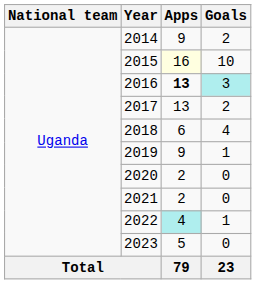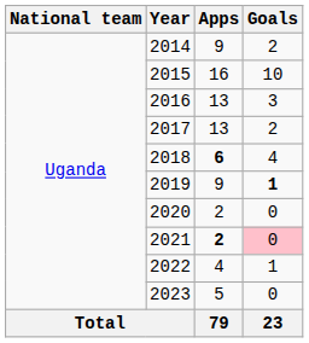 <table class="wikitable" style="text-align:center">
 <tr>
 <th>National team</th>
 <th>Year</th>
 <th>Apps</th>
 <th>Goals</th>
 </tr>
 <tr>
 <td rowspan="10"><a href='#'>Uganda</a></td>
 <td>2014</td>
 <td>9</td>
 <td>2</td>
 </tr>
 <tr>
 <td>2015</td>
-<td style="background: lightyellow;">16</td>
+<td>16</td>
 <td>10</td>
 </tr>
 <tr>
 <td>2016</td>
-<td><strong>13</strong></td>
-<td style="background: paleturquoise;">3</td>
+<td>13</td>
+<td>3</td>
 </tr>
 <tr>
 <td>2017</td>
 <td>13</td>
 <td>2</td>
 </tr>
 <tr>
 <td>2018</td>
-<td>6</td>
+<td><strong>6</strong></td>
 <td>4</td>
 </tr>
 <tr>
 <td>2019</td>
 <td>9</td>
-<td>1</td>
+<td><strong>1</strong></td>
 </tr>
 <tr>
 <td>2020</td>
 <td>2</td>
 <td>0</td>
 </tr>
 <tr>
 <td>2021</td>
-<td>2</td>
-<td>0</td>
+<td><strong>2</strong></td>
+<td style="background: pink;">0</td>
 </tr>
 <tr>
 <td>2022</td>
-<td style="background: paleturquoise;">4</td>
+<td>4</td>
 <td>1</td>
 </tr>
 <tr>
 <td>2023</td>
 <td>5</td>
 <td>0</td>
 </tr>
 <tr>
 <th colspan="2">Total</th>
 <th>79</th>
 <th>23</th>
 </tr>
 </table>
